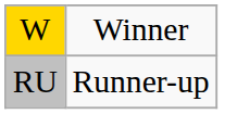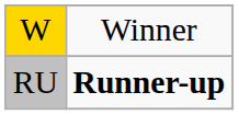 <table class="wikitable" style="text-align:center">
 <tr>
 <td style=background:gold>W</td>
 <td>Winner</td>
 </tr>
 <tr>
 <td style=background:silver>RU</td>
-<td>Runner-up</td>
+<td><strong>Runner-up</strong></td>
 </tr>
 </table>
